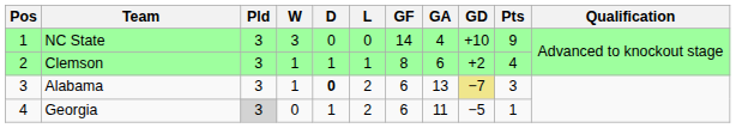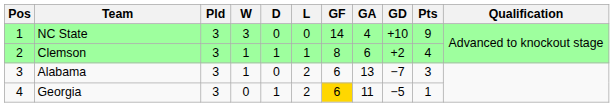 <table class="wikitable" style="text-align:center; margin: 1em auto">
 <tr>
 <th style="width:2em">Pos</th>
 <th style="width:13em">Team</th>
 <th style="width:2em">Pld</th>
 <th style="width:2em">W</th>
 <th style="width:2em">D</th>
 <th style="width:2em">L</th>
 <th style="width:2em">GF</th>
 <th style="width:2em">GA</th>
 <th style="width:2em">GD</th>
 <th style="width:2em">Pts</th>
 <th style="width:13em">Qualification</th>
 </tr>
 <tr bgcolor="#9eff9e">
 <td>1</td>
 <td style="text-align:left">NC State</td>
 <td>3</td>
 <td>3</td>
 <td>0</td>
 <td>0</td>
 <td>14</td>
 <td>4</td>
 <td>+10</td>
 <td>9</td>
 <td rowspan="2">Advanced to knockout stage</td>
 </tr>
 <tr bgcolor="#9eff9e">
 <td>2</td>
 <td style="text-align:left">Clemson</td>
 <td>3</td>
 <td>1</td>
 <td>1</td>
 <td>1</td>
 <td>8</td>
 <td>6</td>
 <td>+2</td>
 <td>4</td>
 </tr>
 <tr>
 <td>3</td>
 <td style="text-align:left">Alabama</td>
 <td>3</td>
 <td>1</td>
-<td><strong>0</strong></td>
+<td>0</td>
 <td>2</td>
 <td>6</td>
 <td>13</td>
-<td style="background: khaki;">−7</td>
+<td>−7</td>
 <td>3</td>
 <td rowspan="2"></td>
 </tr>
 <tr>
 <td>4</td>
 <td style="text-align:left">Georgia</td>
-<td style="background: lightgrey;">3</td>
+<td>3</td>
 <td>0</td>
 <td>1</td>
 <td>2</td>
-<td>6</td>
+<td style="background: gold;">6</td>
 <td>11</td>
 <td>−5</td>
 <td>1</td>
 </tr>
 </table>
